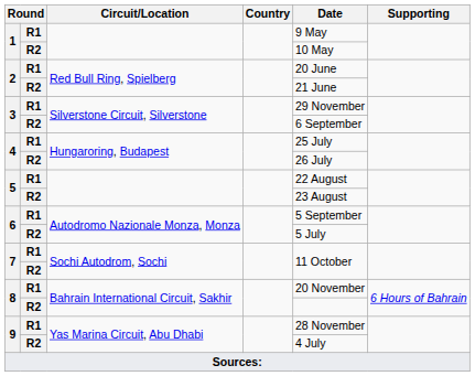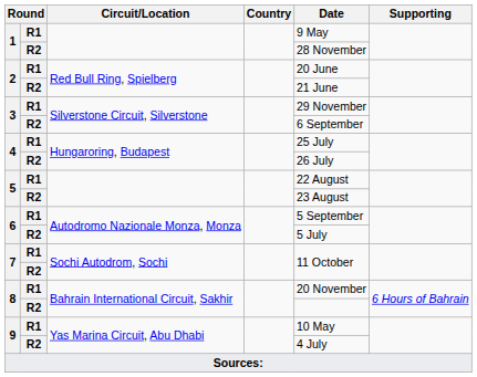 <table class=wikitable style="font-size:90%;">
 <tr>
 <th colspan=2>Round</th>
 <th>Circuit/Location</th>
 <th>Country</th>
 <th>Date</th>
 <th>Supporting</th>
 </tr>
 <tr>
 <th rowspan=2>1</th>
 <th>R1</th>
 <td rowspan=2></td>
 <td rowspan=2></td>
 <td>9 May</td>
 <td rowspan=2><em></em></td>
 </tr>
 <tr>
 <th>R2</th>
-<td>10 May</td>
+<td>28 November</td>
 </tr>
 <tr>
 <th rowspan=2>2</th>
 <th>R1</th>
 <td rowspan=2><a href='#'>Red Bull Ring</a>, <a href='#'>Spielberg</a></td>
 <td rowspan=2></td>
 <td>20 June</td>
 <td rowspan=2><em></em></td>
 </tr>
 <tr>
 <th>R2</th>
 <td>21 June</td>
 </tr>
 <tr>
 <th rowspan=2>3</th>
 <th>R1</th>
 <td rowspan=2><a href='#'>Silverstone Circuit</a>, <a href='#'>Silverstone</a></td>
 <td rowspan=2></td>
 <td>29 November</td>
 <td rowspan=2><em></em></td>
 </tr>
 <tr>
 <th>R2</th>
 <td>6 September</td>
 </tr>
 <tr>
 <th rowspan=2>4</th>
 <th>R1</th>
 <td rowspan=2><a href='#'>Hungaroring</a>, <a href='#'>Budapest</a></td>
 <td rowspan=2></td>
 <td>25 July</td>
 <td rowspan=2><em></em></td>
 </tr>
 <tr>
 <th>R2</th>
 <td>26 July</td>
 </tr>
 <tr>
 <th rowspan=2>5</th>
 <th>R1</th>
 <td rowspan=2></td>
 <td rowspan=2></td>
 <td>22 August</td>
 <td rowspan=2><em></em></td>
 </tr>
 <tr>
 <th>R2</th>
 <td>23 August</td>
 </tr>
 <tr>
 <th rowspan=2>6</th>
 <th>R1</th>
 <td rowspan=2><a href='#'>Autodromo Nazionale Monza</a>, <a href='#'>Monza</a></td>
 <td rowspan=2></td>
 <td>5 September</td>
 <td rowspan=2><em></em></td>
 </tr>
 <tr>
 <th>R2</th>
 <td>5 July</td>
 </tr>
 <tr>
 <th rowspan=2>7</th>
 <th>R1</th>
 <td rowspan=2><a href='#'>Sochi Autodrom</a>, <a href='#'>Sochi</a></td>
 <td rowspan=2></td>
 <td rowspan=2>11 October</td>
 <td rowspan=2><em></em></td>
 </tr>
 <tr>
 <th>R2</th>
 </tr>
 <tr>
 <th rowspan=2>8</th>
 <th>R1</th>
 <td rowspan=2><a href='#'>Bahrain International Circuit</a>, <a href='#'>Sakhir</a></td>
 <td rowspan=2></td>
 <td>20 November</td>
 <td rowspan=2><em><a href='#'>6 Hours of Bahrain</a></em></td>
 </tr>
 <tr>
 <th>R2</th>
 <td></td>
 </tr>
 <tr>
 <th rowspan=2>9</th>
 <th>R1</th>
 <td rowspan=2><a href='#'>Yas Marina Circuit</a>, <a href='#'>Abu Dhabi</a></td>
 <td rowspan=2></td>
-<td>28 November</td>
+<td>10 May</td>
 <td rowspan=2></td>
 </tr>
 <tr>
 <th>R2</th>
 <td>4 July</td>
 </tr>
 <tr>
 <td colspan="6" style="background-color:#EAECF0;text-align:center" align="bottom"><strong>Sources:</strong></td>
 </tr>
 </table>
